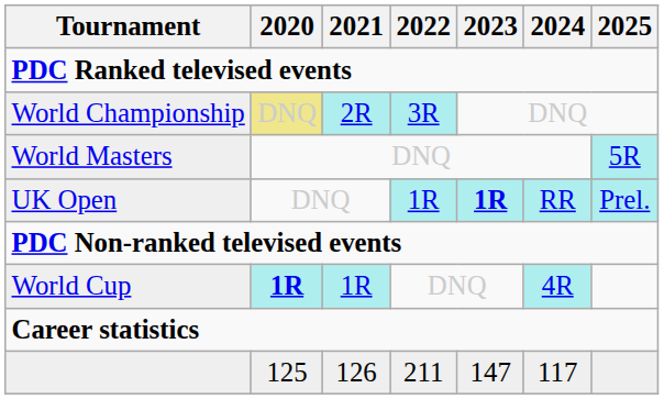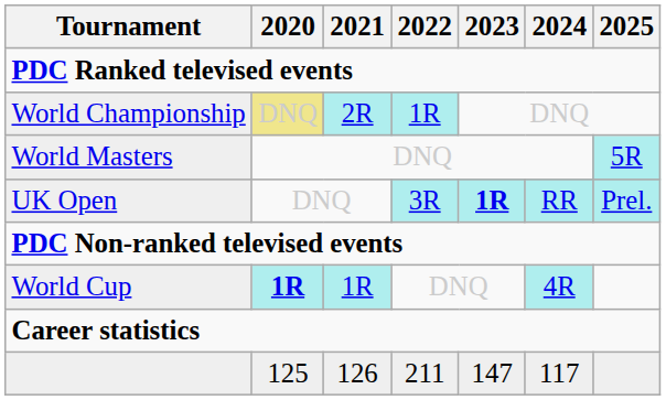 <table class="wikitable">
 <tr>
 <th>Tournament</th>
 <th>2020</th>
 <th>2021</th>
 <th>2022</th>
 <th>2023</th>
 <th>2024</th>
 <th>2025</th>
 </tr>
 <tr>
 <td colspan="31" align="left"><strong><a href='#'>PDC</a> Ranked televised events</strong></td>
 </tr>
 <tr>
 <td style="background:#efefef;"><a href='#'>World Championship</a></td>
 <td style="background: khaki; text-align:center; color:#ccc;">DNQ</td>
 <td style="text-align:center; background:#afeeee;"><a href='#'>2R</a></td>
-<td style="text-align:center; background:#afeeee;"><a href='#'>3R</a></td>
+<td style="text-align:center; background:#afeeee;"><a href='#'>1R</a></td>
 <td colspan="3" style="text-align:center; color:#ccc;">DNQ</td>
 </tr>
 <tr>
 <td style="background:#efefef;"><a href='#'>World Masters</a></td>
 <td colspan="5" style="text-align:center; color:#ccc;">DNQ</td>
 <td style="text-align:center; background:#afeeee;"><a href='#'>5R</a></td>
 </tr>
 <tr>
 <td style="background:#efefef;"><a href='#'>UK Open</a></td>
 <td colspan="2" style="text-align:center; color:#ccc;">DNQ</td>
-<td style="text-align:center; background:#afeeee;"><a href='#'>1R</a></td>
+<td style="text-align:center; background:#afeeee;"><a href='#'>3R</a></td>
 <td style="text-align:center; background:#afeeee;"><strong><a href='#'>1R</a></strong></td>
 <td style="text-align:center; background:#afeeee;"><a href='#'>RR</a></td>
 <td style="text-align:center; background:#afeeee;"><a href='#'>Prel.</a></td>
 </tr>
 <tr>
 <td colspan="21" align="left"><strong><a href='#'>PDC</a> Non-ranked televised events</strong></td>
 </tr>
 <tr>
 <td style="background:#efefef;"><a href='#'>World Cup</a></td>
 <td style="text-align:center; background:#afeeee;"><strong><a href='#'>1R</a></strong></td>
 <td style="text-align:center; background:#afeeee;"><a href='#'>1R</a></td>
 <td colspan="2" style="text-align:center; color:#ccc;">DNQ</td>
 <td style="text-align:center; background:#afeeee;"><a href='#'>4R</a></td>
 <td></td>
 </tr>
 <tr>
 <td colspan="7" align="left"><strong>Career statistics</strong></td>
 </tr>
 <tr bgcolor="efefef">
 <td align="left"><strong></strong></td>
 <td style="text-align:center;">125</td>
 <td style="text-align:center;">126</td>
 <td style="text-align:center;">211</td>
 <td style="text-align:center;">147</td>
 <td style="text-align:center;">117</td>
 <td></td>
 </tr>
 </table>
